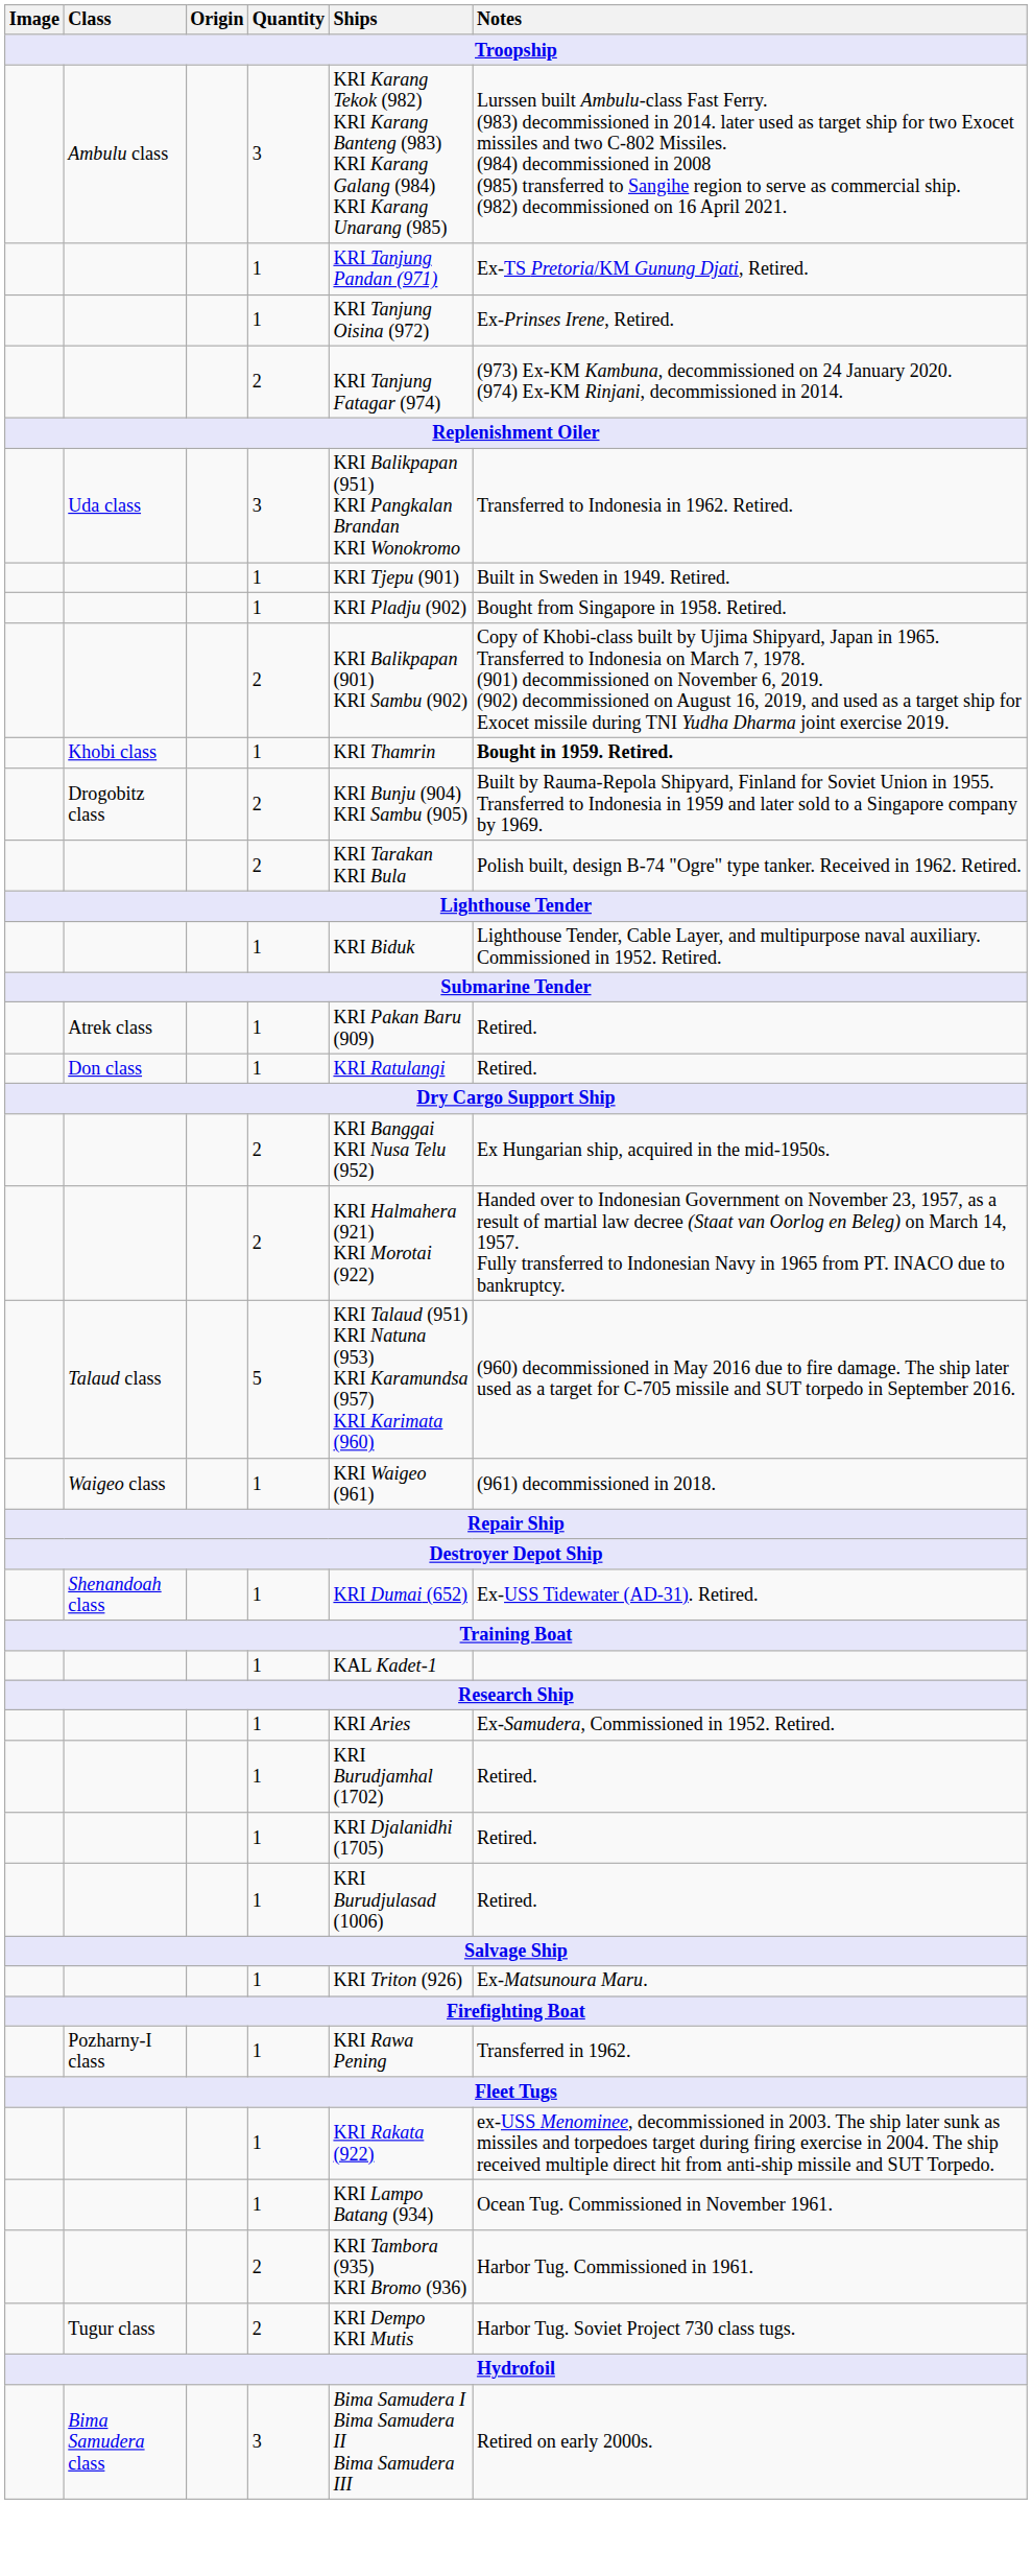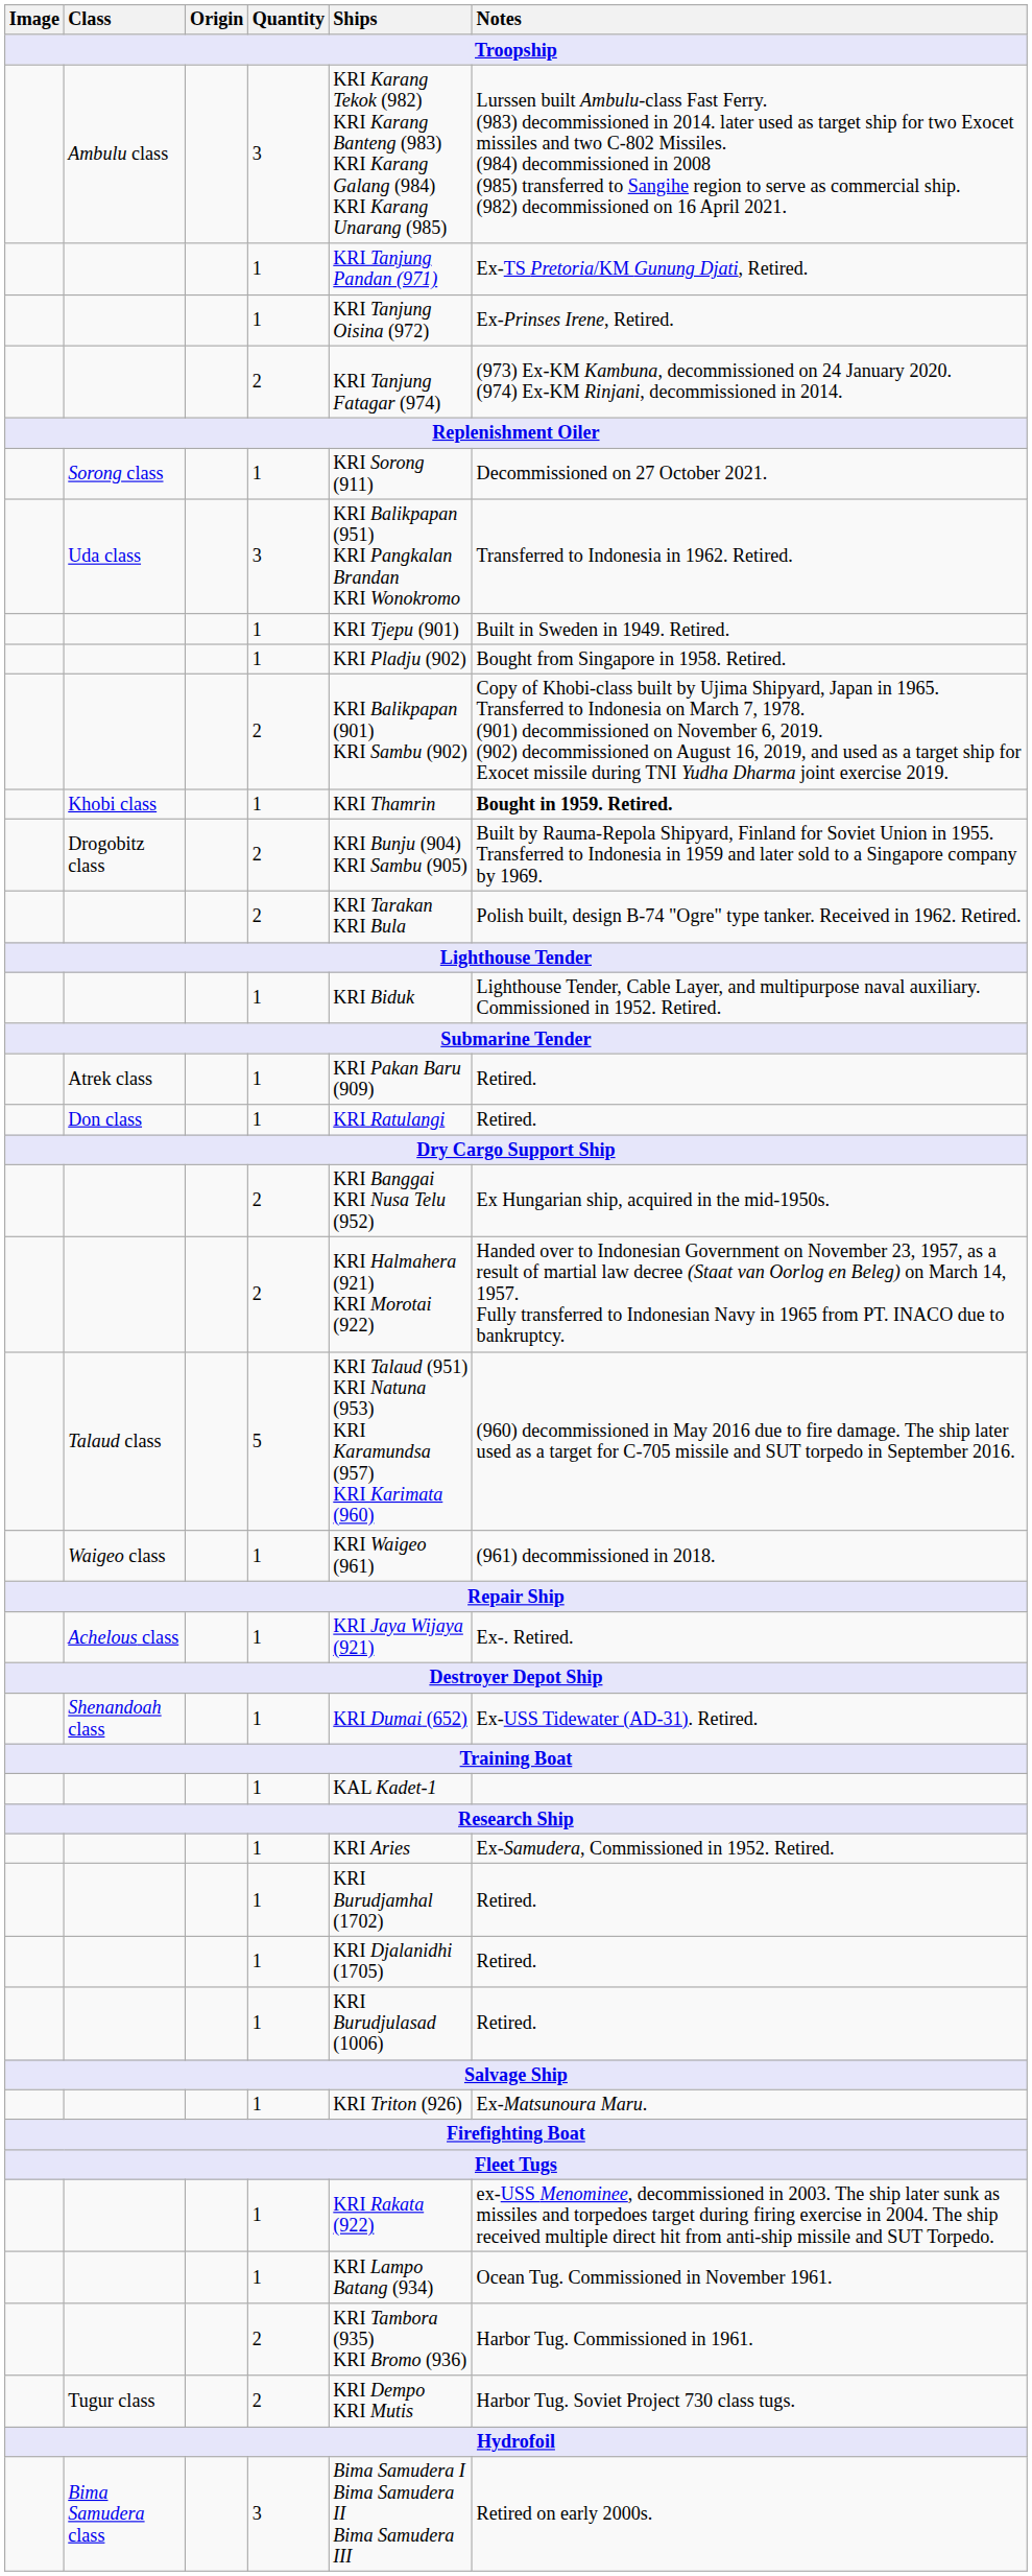 <table class="wikitable">
 <tr>
 <th style="text-align: left;">Image</th>
 <th style="text-align: left;">Class</th>
 <th style="text-align: left;">Origin</th>
 <th style="text-align: left;">Quantity</th>
 <th style="text-align: left;">Ships</th>
 <th style="text-align: left;">Notes</th>
 </tr>
 <tr>
 <th colspan="6" style="align: centre; background: lavender;"><a href='#'>Troopship</a></th>
 </tr>
 <tr>
 <td></td>
 <td><em>Ambulu</em> class</td>
 <td></td>
 <td>3</td>
 <td>KRI <em>Karang Tekok</em> (982)<br>KRI <em>Karang Banteng</em> (983) <br> KRI <em>Karang Galang</em> (984) <br> KRI <em>Karang Unarang</em> (985)</td>
 <td>Lurssen built <em>Ambulu</em>-class Fast Ferry.<br>(983) decommissioned in 2014. later used as target ship for two Exocet missiles and two C-802 Missiles. <br> (984) decommissioned in 2008<br>(985) transferred to <a href='#'>Sangihe</a> region to serve as commercial ship.<br>(982) decommissioned on 16 April 2021.</td>
 </tr>
 <tr>
 <td></td>
 <td></td>
 <td></td>
 <td>1</td>
 <td><a href='#'>KRI <em>Tanjung Pandan (971)</em></a></td>
 <td>Ex-<a href='#'>TS <em>Pretoria</em>/KM <em>Gunung Djati</em></a>, Retired.</td>
 </tr>
 <tr>
 <td></td>
 <td></td>
 <td></td>
 <td>1</td>
 <td>KRI<em> Tanjung Oisina</em> (972)</td>
 <td>Ex-<em>Prinses Irene</em>, Retired.</td>
 </tr>
 <tr>
 <td></td>
 <td></td>
 <td></td>
 <td>2</td>
 <td> <br> KRI <em>Tanjung Fatagar</em> (974)</td>
 <td>(973) Ex-KM <em>Kambuna</em>, decommissioned on 24 January 2020.<br> (974) Ex-KM <em>Rinjani</em>, decommissioned in 2014.</td>
 </tr>
 <tr>
 <th colspan="6" style="align: centre; background: lavender;"><a href='#'>Replenishment Oiler</a></th>
+</tr>
+<tr>
+<td></td>
+<td><a href='#'><em>Sorong</em> class</a></td>
+<td></td>
+<td>1</td>
+<td>KRI <em>Sorong</em> (911)</td>
+<td>Decommissioned on 27 October 2021.</td>
 </tr>
 <tr>
 <td></td>
 <td><a href='#'>Uda class</a></td>
 <td></td>
 <td>3</td>
 <td>KRI <em>Balikpapan</em> (951) <br> KRI <em>Pangkalan Brandan</em> <br> KRI <em>Wonokromo</em></td>
 <td>Transferred to Indonesia in 1962. Retired.</td>
 </tr>
 <tr>
 <td></td>
 <td></td>
 <td></td>
 <td>1</td>
 <td>KRI <em>Tjepu</em> (901)</td>
 <td>Built in Sweden in 1949. Retired.</td>
 </tr>
 <tr>
 <td></td>
 <td></td>
 <td></td>
 <td>1</td>
 <td>KRI <em>Pladju</em> (902)</td>
 <td>Bought from Singapore in 1958. Retired.</td>
 </tr>
 <tr>
 <td></td>
 <td></td>
 <td></td>
 <td>2</td>
 <td>KRI <em>Balikpapan</em> (901) <br> KRI <em>Sambu</em> (902)</td>
 <td>Copy of Khobi-class built by Ujima Shipyard, Japan in 1965.<br>Transferred to Indonesia on March 7, 1978.<br>(901) decommissioned on November 6, 2019. <br> (902) decommissioned on August 16, 2019, and used as a target ship for Exocet missile during TNI <em>Yudha Dharma</em> joint exercise 2019.</td>
 </tr>
 <tr>
 <td></td>
 <td><a href='#'>Khobi class</a></td>
 <td></td>
 <td>1</td>
 <td>KRI <em>Thamrin</em></td>
 <td><strong>Bought in 1959. Retired.</strong></td>
 </tr>
 <tr>
 <td></td>
 <td>Drogobitz class</td>
 <td><br></td>
 <td>2</td>
 <td>KRI <em>Bunju</em> (904)<br>KRI <em>Sambu</em> (905)</td>
 <td>Built by Rauma-Repola Shipyard, Finland for Soviet Union in 1955.<br>Transferred to Indonesia in 1959 and later sold to a Singapore company by 1969.</td>
 </tr>
 <tr>
 <td></td>
 <td></td>
 <td><br></td>
 <td>2</td>
 <td>KRI <em>Tarakan</em><br>KRI <em>Bula</em></td>
 <td>Polish built, design B-74 "Ogre" type tanker. Received in 1962. Retired.</td>
 </tr>
 <tr>
 <th colspan="6" style="align: centre; background: lavender;"><a href='#'>Lighthouse Tender</a></th>
 </tr>
 <tr>
 <td></td>
 <td></td>
 <td></td>
 <td>1</td>
 <td>KRI <em>Biduk</em></td>
 <td>Lighthouse Tender, Cable Layer, and multipurpose naval auxiliary. Commissioned in 1952. Retired.</td>
 </tr>
 <tr>
 <th colspan="6" style="align: centre; background: lavender;"><a href='#'>Submarine Tender</a></th>
 </tr>
 <tr>
 <td></td>
 <td>Atrek class</td>
 <td></td>
 <td>1</td>
 <td>KRI <em>Pakan Baru</em> (909)</td>
 <td>Retired.</td>
 </tr>
 <tr>
 <td></td>
 <td><a href='#'>Don class</a></td>
 <td></td>
 <td>1</td>
 <td><a href='#'>KRI <em>Ratulangi</em></a></td>
 <td>Retired.</td>
 </tr>
 <tr>
 <th colspan="6" style="align: centre; background: lavender;"><a href='#'>Dry Cargo Support Ship</a></th>
 </tr>
 <tr>
 <td></td>
 <td></td>
 <td><br></td>
 <td>2</td>
 <td>KRI <em>Banggai</em><br>KRI <em>Nusa Telu</em> (952)</td>
 <td>Ex Hungarian ship, acquired in the mid-1950s.</td>
 </tr>
 <tr>
 <td></td>
 <td></td>
 <td></td>
 <td>2</td>
 <td>KRI <em>Halmahera</em> (921)<br>KRI <em>Morotai</em> (922)</td>
 <td>Handed over to Indonesian Government on November 23, 1957, as a result of martial law decree <em>(Staat van Oorlog en Beleg)</em> on March 14, 1957.<br>Fully transferred to Indonesian Navy in 1965 from PT. INACO due to bankruptcy.</td>
 </tr>
 <tr>
 <td></td>
 <td><em>Talaud</em> class </td>
 <td><br></td>
 <td>5</td>
 <td>KRI <em>Talaud</em> (951) <br> KRI <em>Natuna</em> (953) <br> KRI <em>Karamundsa</em> (957) <br> <a href='#'>KRI <em>Karimata</em> (960)</a></td>
 <td>(960) decommissioned in May 2016 due to fire damage. The ship later used as a target for C-705 missile and SUT torpedo in September 2016.</td>
 </tr>
 <tr>
 <td></td>
 <td><em>Waigeo</em> class</td>
 <td></td>
 <td>1</td>
 <td>KRI <em>Waigeo</em> (961)</td>
 <td>(961) decommissioned in 2018.</td>
 </tr>
 <tr>
 <th colspan="6" style="align: centre; background: lavender;"><a href='#'>Repair Ship</a></th>
 </tr>
 <tr>
+<td></td>
+<td><a href='#'><em>Achelous</em> class</a></td>
+<td></td>
+<td>1</td>
+<td><a href='#'>KRI <em>Jaya Wijaya</em> (921)</a></td>
+<td>Ex-. Retired.</td>
+</tr>
+<tr>
 <th colspan="6" style="align: centre; background: lavender;"><a href='#'>Destroyer Depot Ship</a></th>
 </tr>
 <tr>
 <td></td>
 <td><a href='#'><em>Shenandoah</em> class</a></td>
 <td></td>
 <td>1</td>
 <td><a href='#'>KRI <em>Dumai</em> (652)</a></td>
 <td>Ex-<a href='#'>USS Tidewater (AD-31)</a>. Retired.</td>
 </tr>
 <tr>
 <th colspan="6" style="align: centre; background: lavender;"><a href='#'>Training Boat</a></th>
 </tr>
 <tr>
 <td></td>
 <td></td>
 <td></td>
 <td>1</td>
 <td>KAL <em>Kadet-1</em></td>
 <td></td>
 </tr>
 <tr>
 <th colspan="6" style="align: centre; background: lavender;"><a href='#'>Research Ship</a></th>
 </tr>
 <tr>
 <td></td>
 <td></td>
 <td></td>
 <td>1</td>
 <td>KRI <em>Aries</em></td>
 <td>Ex-<em>Samudera</em>, Commissioned in 1952. Retired.</td>
 </tr>
 <tr>
 <td></td>
 <td></td>
 <td></td>
 <td>1</td>
 <td>KRI <em>Burudjamhal</em> (1702)</td>
 <td>Retired.</td>
 </tr>
 <tr>
 <td></td>
 <td></td>
 <td></td>
 <td>1</td>
 <td>KRI <em>Djalanidhi</em> (1705)</td>
 <td>Retired.</td>
 </tr>
 <tr>
 <td></td>
 <td></td>
 <td></td>
 <td>1</td>
 <td>KRI <em>Burudjulasad</em> (1006)</td>
 <td>Retired.</td>
 </tr>
 <tr>
 <th colspan="6" style="align: centre; background: lavender;"><a href='#'>Salvage Ship</a></th>
 </tr>
 <tr>
 <td></td>
 <td></td>
 <td></td>
 <td>1</td>
 <td>KRI <em>Triton</em> (926)</td>
 <td>Ex-<em>Matsunoura Maru</em>.</td>
 </tr>
 <tr>
 <th colspan="6" style="align: centre; background: lavender;"><a href='#'>Firefighting Boat</a></th>
 </tr>
 <tr>
-<td></td>
-<td>Pozharny-I class</td>
-<td></td>
-<td>1</td>
-<td>KRI <em>Rawa Pening</em></td>
-<td>Transferred in 1962.</td>
-</tr>
-<tr>
 <th colspan="6" style="align: centre; background: lavender;"><a href='#'>Fleet Tugs</a></th>
 </tr>
 <tr>
 <td></td>
 <td></td>
 <td></td>
 <td>1</td>
 <td><a href='#'>KRI <em>Rakata</em> (922)</a></td>
 <td>ex-<a href='#'>USS <em>Menominee</em></a>, decommissioned in 2003. The ship later sunk as missiles and torpedoes target during firing exercise in 2004. The ship received multiple direct hit from anti-ship missile and SUT Torpedo.</td>
 </tr>
 <tr>
 <td></td>
 <td></td>
 <td></td>
 <td>1</td>
 <td>KRI <em>Lampo Batang</em> (934)</td>
 <td>Ocean Tug. Commissioned in November 1961.</td>
 </tr>
 <tr>
 <td></td>
 <td></td>
 <td></td>
 <td>2</td>
 <td>KRI <em>Tambora</em> (935)<br>KRI <em>Bromo</em> (936)</td>
 <td>Harbor Tug. Commissioned in 1961.</td>
 </tr>
 <tr>
 <td></td>
 <td>Tugur class</td>
 <td></td>
 <td>2</td>
 <td>KRI <em>Dempo</em><br>KRI <em>Mutis</em></td>
 <td>Harbor Tug. Soviet Project 730 class tugs.</td>
 </tr>
 <tr>
 <th colspan="6" style="align: centre; background: lavender;"><a href='#'>Hydrofoil</a></th>
 </tr>
 <tr>
 <td></td>
 <td><a href='#'><em>Bima Samudera</em> class</a></td>
 <td></td>
 <td>3</td>
 <td><em>Bima Samudera I</em><br><em>Bima Samudera II</em><br><em>Bima Samudera III</em></td>
 <td>Retired on early 2000s.</td>
 </tr>
 </table>
